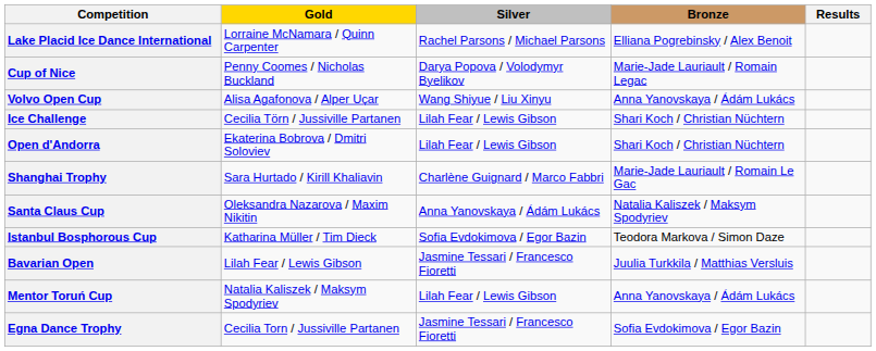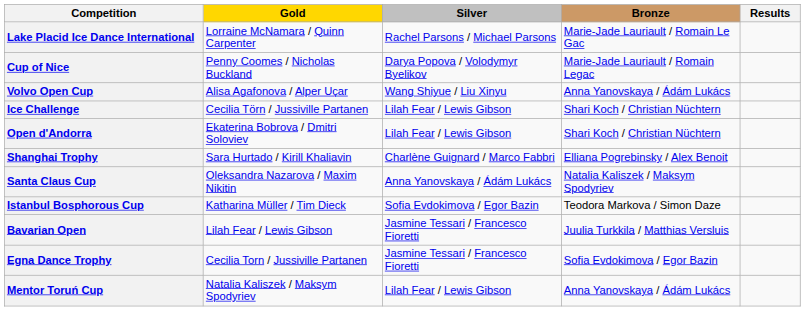 <table class="wikitable unsortable" style="text-align:left; width:90%;">
 <tr>
 <th scope="col" style="text-align:center; width:25%;">Competition</th>
 <td scope="col" style="text-align:center; width:22.5%; background:gold"><strong>Gold</strong></td>
 <td scope="col" style="text-align:center; width:22.5%; background:silver"><strong>Silver</strong></td>
 <td scope="col" style="text-align:center; width:22.5%; background:#c96"><strong>Bronze</strong></td>
 <th scope="col" style="text-align:center; width:7.5%;">Results</th>
 </tr>
 <tr>
 <th scope="row" style="text-align:left"> <a href='#'>Lake Placid Ice Dance International</a></th>
 <td> <a href='#'>Lorraine McNamara</a> / <a href='#'>Quinn Carpenter</a></td>
 <td> <a href='#'>Rachel Parsons</a> / <a href='#'>Michael Parsons</a></td>
-<td> <a href='#'>Elliana Pogrebinsky</a> / <a href='#'>Alex Benoit</a></td>
+<td> <a href='#'>Marie-Jade Lauriault</a> / <a href='#'>Romain Le Gac</a></td>
 <td></td>
 </tr>
 <tr>
 <th scope="row" style="text-align:left"> <a href='#'>Cup of Nice</a></th>
 <td> <a href='#'>Penny Coomes</a> / <a href='#'>Nicholas Buckland</a></td>
 <td> <a href='#'>Darya Popova</a> / <a href='#'>Volodymyr Byelikov</a></td>
 <td> <a href='#'>Marie-Jade Lauriault</a> / <a href='#'>Romain Legac</a></td>
 <td></td>
 </tr>
 <tr>
 <th scope="row" style="text-align:left"> <a href='#'>Volvo Open Cup</a></th>
 <td> <a href='#'>Alisa Agafonova</a> / <a href='#'>Alper Uçar</a></td>
 <td> <a href='#'>Wang Shiyue</a> / <a href='#'>Liu Xinyu</a></td>
 <td> <a href='#'>Anna Yanovskaya</a> / <a href='#'>Ádám Lukács</a></td>
 <td></td>
 </tr>
 <tr>
 <th scope="row" style="text-align:left"> <a href='#'>Ice Challenge</a></th>
 <td> <a href='#'>Cecilia Törn</a> / <a href='#'>Jussiville Partanen</a></td>
 <td> <a href='#'>Lilah Fear</a> / <a href='#'>Lewis Gibson</a></td>
 <td> <a href='#'>Shari Koch</a> / <a href='#'>Christian Nüchtern</a></td>
 <td></td>
 </tr>
 <tr>
 <th scope="row" style="text-align:left"> <a href='#'>Open d'Andorra</a></th>
 <td> <a href='#'>Ekaterina Bobrova</a> / <a href='#'>Dmitri Soloviev</a></td>
 <td> <a href='#'>Lilah Fear</a> / <a href='#'>Lewis Gibson</a></td>
 <td> <a href='#'>Shari Koch</a> / <a href='#'>Christian Nüchtern</a></td>
 <td></td>
 </tr>
 <tr>
 <th scope="row" style="text-align:left"> <a href='#'>Shanghai Trophy</a></th>
 <td> <a href='#'>Sara Hurtado</a> / <a href='#'>Kirill Khaliavin</a></td>
 <td> <a href='#'>Charlène Guignard</a> / <a href='#'>Marco Fabbri</a></td>
-<td> <a href='#'>Marie-Jade Lauriault</a> / <a href='#'>Romain Le Gac</a></td>
+<td> <a href='#'>Elliana Pogrebinsky</a> / <a href='#'>Alex Benoit</a></td>
 <td></td>
 </tr>
 <tr>
 <th scope="row" style="text-align:left"> <a href='#'>Santa Claus Cup</a></th>
 <td> <a href='#'>Oleksandra Nazarova</a> / <a href='#'>Maxim Nikitin</a></td>
 <td> <a href='#'>Anna Yanovskaya</a> / <a href='#'>Ádám Lukács</a></td>
 <td> <a href='#'>Natalia Kaliszek</a> / <a href='#'>Maksym Spodyriev</a></td>
 <td></td>
 </tr>
 <tr>
 <th scope="row" style="text-align:left"> <a href='#'>Istanbul Bosphorous Cup</a></th>
 <td> <a href='#'>Katharina Müller</a> / <a href='#'>Tim Dieck</a></td>
 <td> <a href='#'>Sofia Evdokimova</a> / <a href='#'>Egor Bazin</a></td>
 <td> Teodora Markova / Simon Daze</td>
 <td></td>
 </tr>
 <tr>
 <th scope="row" style="text-align:left"> <a href='#'>Bavarian Open</a></th>
 <td> <a href='#'>Lilah Fear</a> / <a href='#'>Lewis Gibson</a></td>
 <td> <a href='#'>Jasmine Tessari</a> / <a href='#'>Francesco Fioretti</a></td>
 <td> <a href='#'>Juulia Turkkila</a> / <a href='#'>Matthias Versluis</a></td>
 <td></td>
 </tr>
 <tr>
+<th scope="row" style="text-align:left"> <a href='#'>Egna Dance Trophy</a></th>
+<td> <a href='#'>Cecilia Torn</a> / <a href='#'>Jussiville Partanen</a></td>
+<td> <a href='#'>Jasmine Tessari</a> / <a href='#'>Francesco Fioretti</a></td>
+<td> <a href='#'>Sofia Evdokimova</a> / <a href='#'>Egor Bazin</a></td>
+<td></td>
+</tr>
+<tr>
 <th scope="row" style="text-align:left"> <a href='#'>Mentor Toruń Cup</a></th>
 <td> <a href='#'>Natalia Kaliszek</a> / <a href='#'>Maksym Spodyriev</a></td>
 <td> <a href='#'>Lilah Fear</a> / <a href='#'>Lewis Gibson</a></td>
 <td> <a href='#'>Anna Yanovskaya</a> / <a href='#'>Ádám Lukács</a></td>
 <td></td>
 </tr>
-<tr>
-<th scope="row" style="text-align:left"> <a href='#'>Egna Dance Trophy</a></th>
-<td> <a href='#'>Cecilia Torn</a> / <a href='#'>Jussiville Partanen</a></td>
-<td> <a href='#'>Jasmine Tessari</a> / <a href='#'>Francesco Fioretti</a></td>
-<td> <a href='#'>Sofia Evdokimova</a> / <a href='#'>Egor Bazin</a></td>
-<td></td>
-</tr>
 </table>
